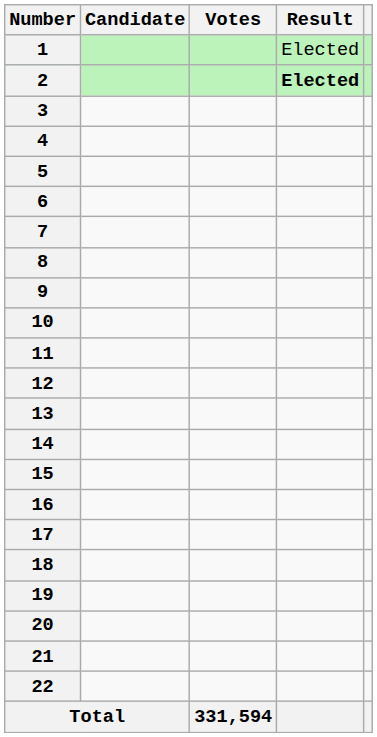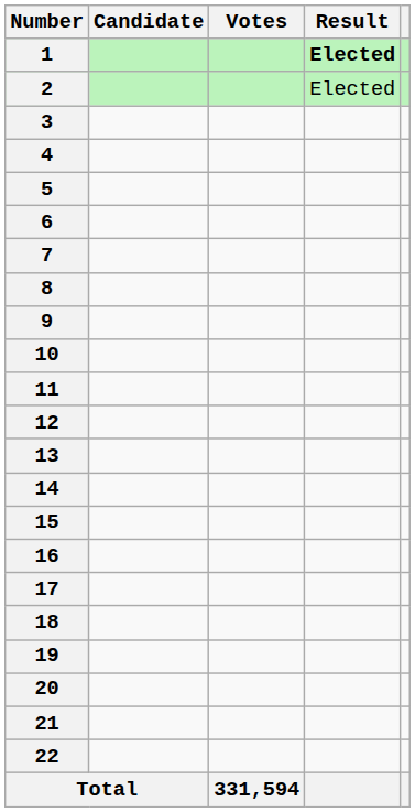 <table class="wikitable sortable">
 <tr>
 <th scope="col">Number</th>
 <th scope="col">Candidate</th>
 <th scope="col">Votes</th>
 <th scope="col">Result</th>
 <th scope="col" class="unsortable"></th>
 </tr>
 <tr bgcolor=bbf3bb>
 <th scope="row">1</th>
 <td></td>
 <td style="text-align:right"></td>
-<td>Elected</td>
+<td><strong>Elected</strong></td>
 <td></td>
 </tr>
 <tr bgcolor=bbf3bb>
 <th scope="row">2</th>
 <td></td>
 <td style="text-align:right"></td>
-<td><strong>Elected</strong></td>
+<td>Elected</td>
 <td></td>
 </tr>
 <tr>
 <th scope="row">3</th>
 <td></td>
 <td style="text-align:right"></td>
 <td></td>
 <td></td>
 </tr>
 <tr>
 <th scope="row">4</th>
 <td></td>
 <td style="text-align:right"></td>
 <td></td>
 <td></td>
 </tr>
 <tr>
 <th scope="row">5</th>
 <td></td>
 <td style="text-align:right"></td>
 <td></td>
 <td></td>
 </tr>
 <tr>
 <th scope="row">6</th>
 <td></td>
 <td style="text-align:right"></td>
 <td></td>
 <td></td>
 </tr>
 <tr>
 <th scope="row">7</th>
 <td></td>
 <td style="text-align:right"></td>
 <td></td>
 <td></td>
 </tr>
 <tr>
 <th scope="row">8</th>
 <td></td>
 <td style="text-align:right"></td>
 <td></td>
 <td></td>
 </tr>
 <tr>
 <th scope="row">9</th>
 <td></td>
 <td style="text-align:right"></td>
 <td></td>
 <td></td>
 </tr>
 <tr>
 <th scope="row">10</th>
 <td></td>
 <td style="text-align:right"></td>
 <td></td>
 <td></td>
 </tr>
 <tr>
 <th scope="row">11</th>
 <td></td>
 <td style="text-align:right"></td>
 <td></td>
 <td></td>
 </tr>
 <tr>
 <th scope="row">12</th>
 <td></td>
 <td style="text-align:right"></td>
 <td></td>
 <td></td>
 </tr>
 <tr>
 <th scope="row">13</th>
 <td></td>
 <td style="text-align:right"></td>
 <td></td>
 <td></td>
 </tr>
 <tr>
 <th scope="row">14</th>
 <td></td>
 <td style="text-align:right"></td>
 <td></td>
 <td></td>
 </tr>
 <tr>
 <th scope="row">15</th>
 <td></td>
 <td style="text-align:right"></td>
 <td></td>
 <td></td>
 </tr>
 <tr>
 <th scope="row">16</th>
 <td></td>
 <td style="text-align:right"></td>
 <td></td>
 <td></td>
 </tr>
 <tr>
 <th scope="row">17</th>
 <td></td>
 <td style="text-align:right"></td>
 <td></td>
 <td></td>
 </tr>
 <tr>
 <th scope="row">18</th>
 <td></td>
 <td style="text-align:right"></td>
 <td></td>
 <td></td>
 </tr>
 <tr>
 <th scope="row">19</th>
 <td></td>
 <td style="text-align:right"></td>
 <td></td>
 <td></td>
 </tr>
 <tr>
 <th scope="row">20</th>
 <td></td>
 <td style="text-align:right"></td>
 <td></td>
 <td></td>
 </tr>
 <tr>
 <th scope="row">21</th>
 <td></td>
 <td style="text-align:right"></td>
 <td></td>
 <td></td>
 </tr>
 <tr>
 <th scope="row">22</th>
 <td></td>
 <td style="text-align:right"></td>
 <td></td>
 <td></td>
 </tr>
 <tr class="sortbottom">
 <th scope="row" colspan="2">Total</th>
 <th style="text-align:right">331,594</th>
 <th></th>
 <th></th>
 </tr>
 </table>
